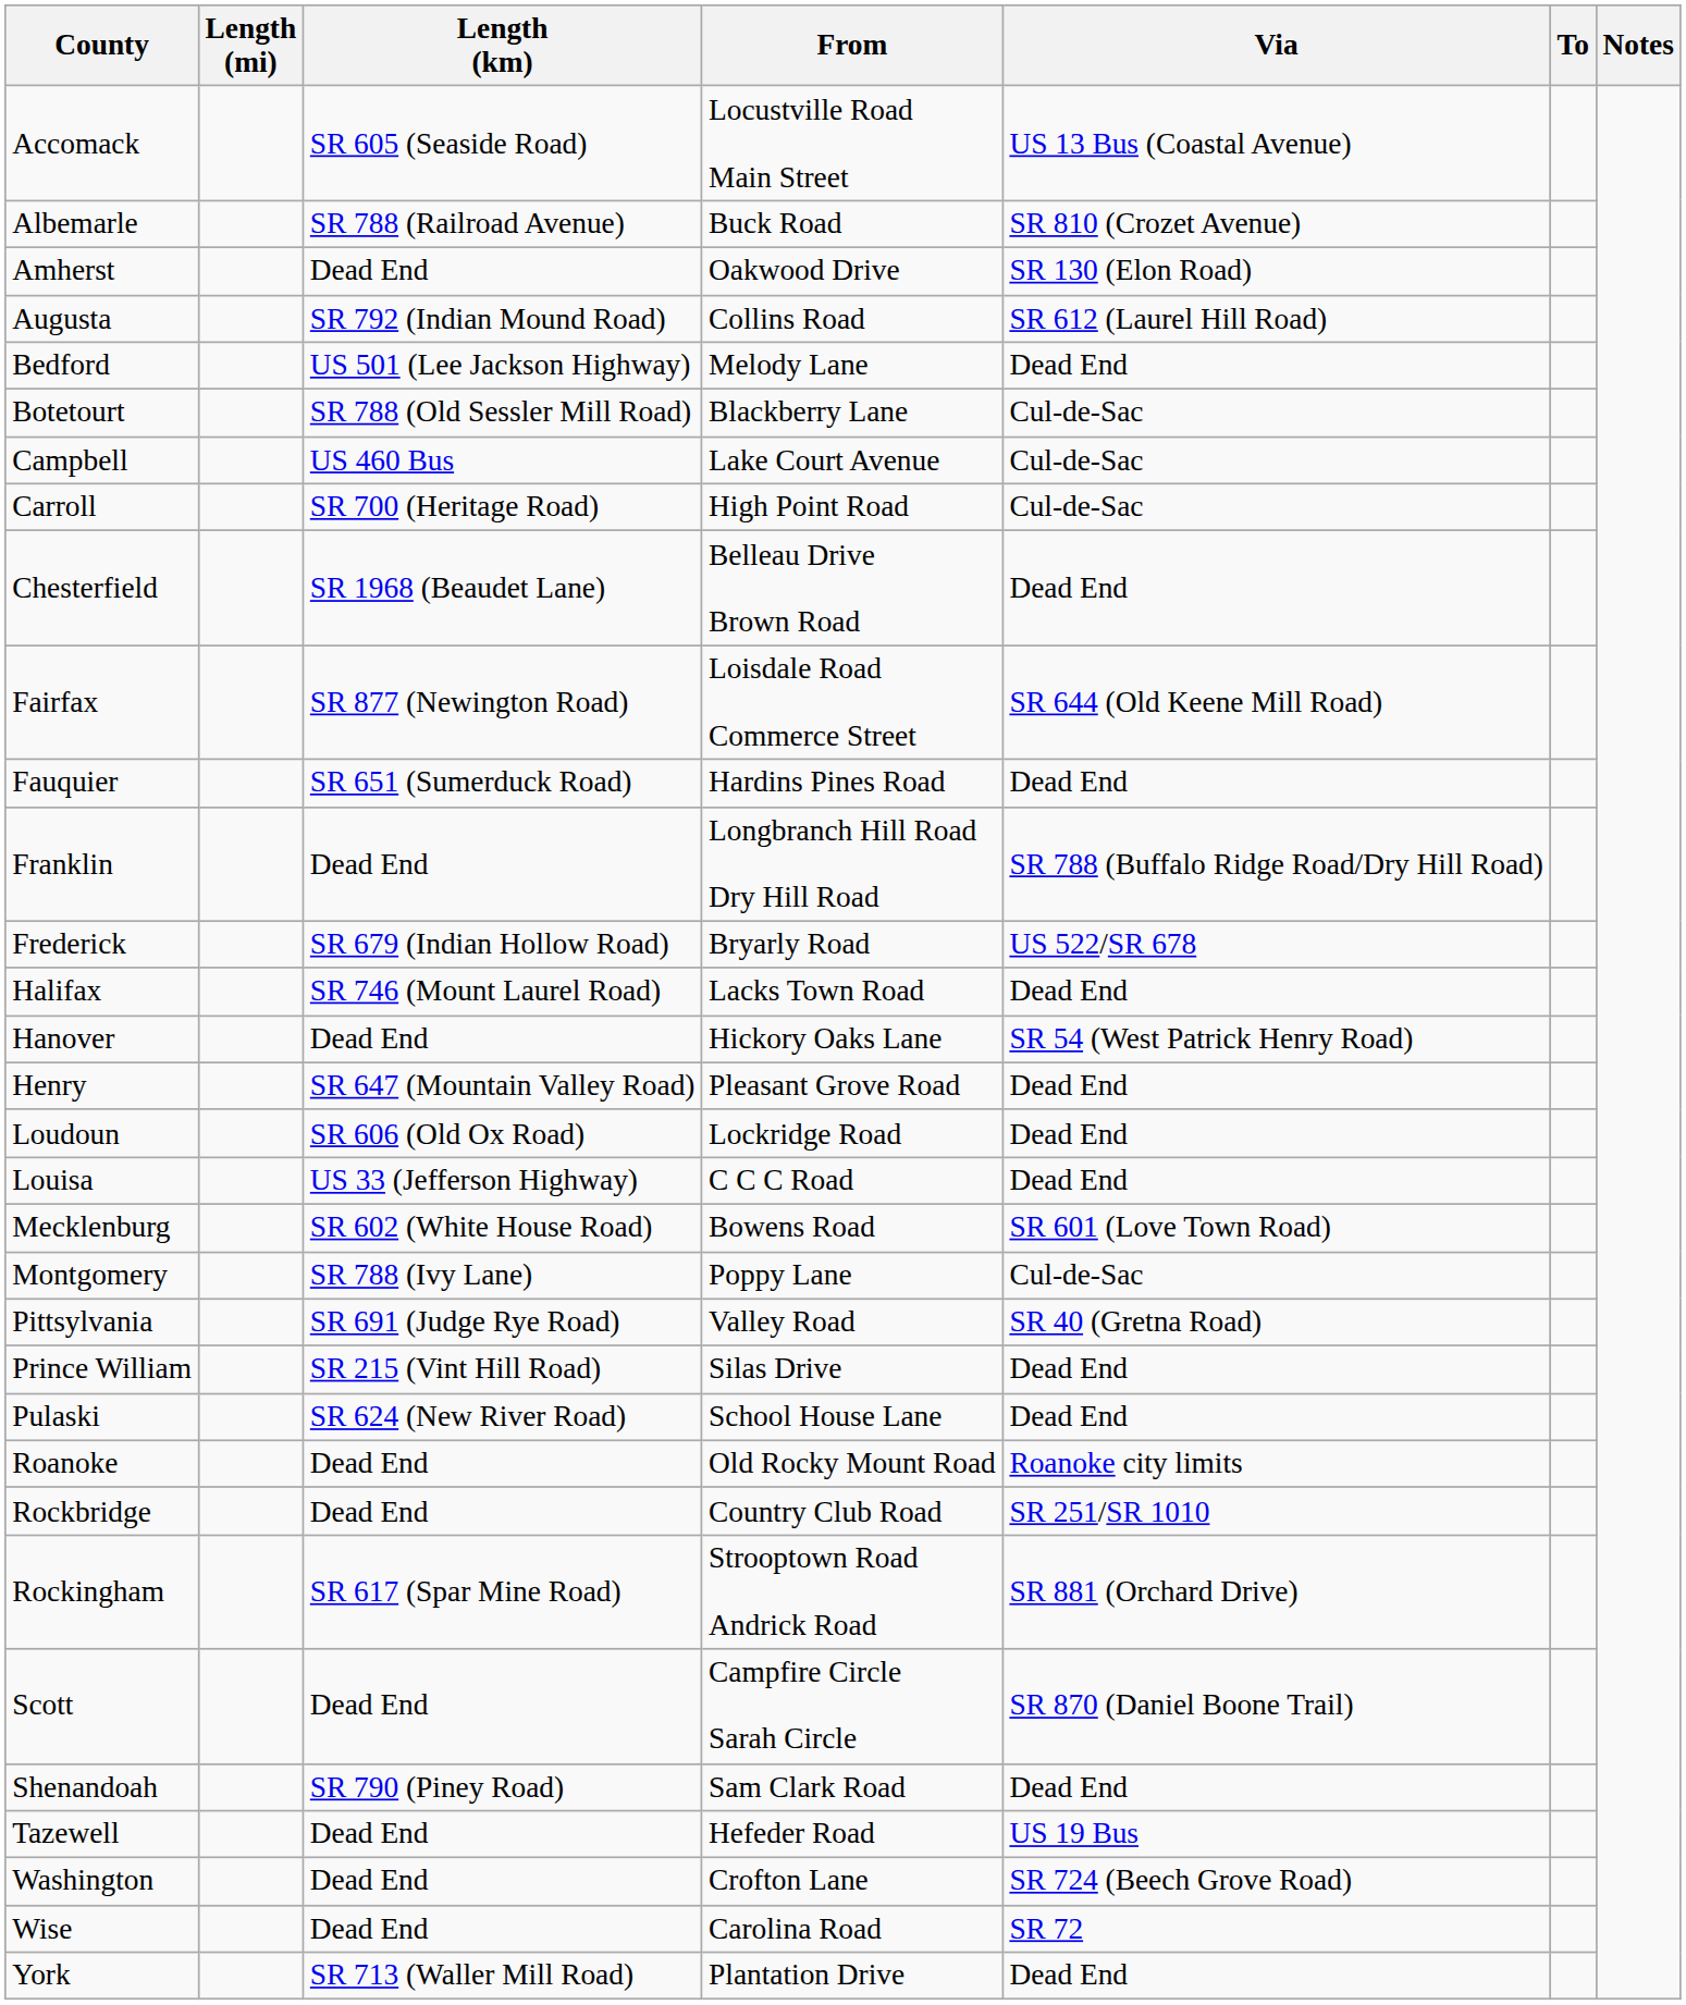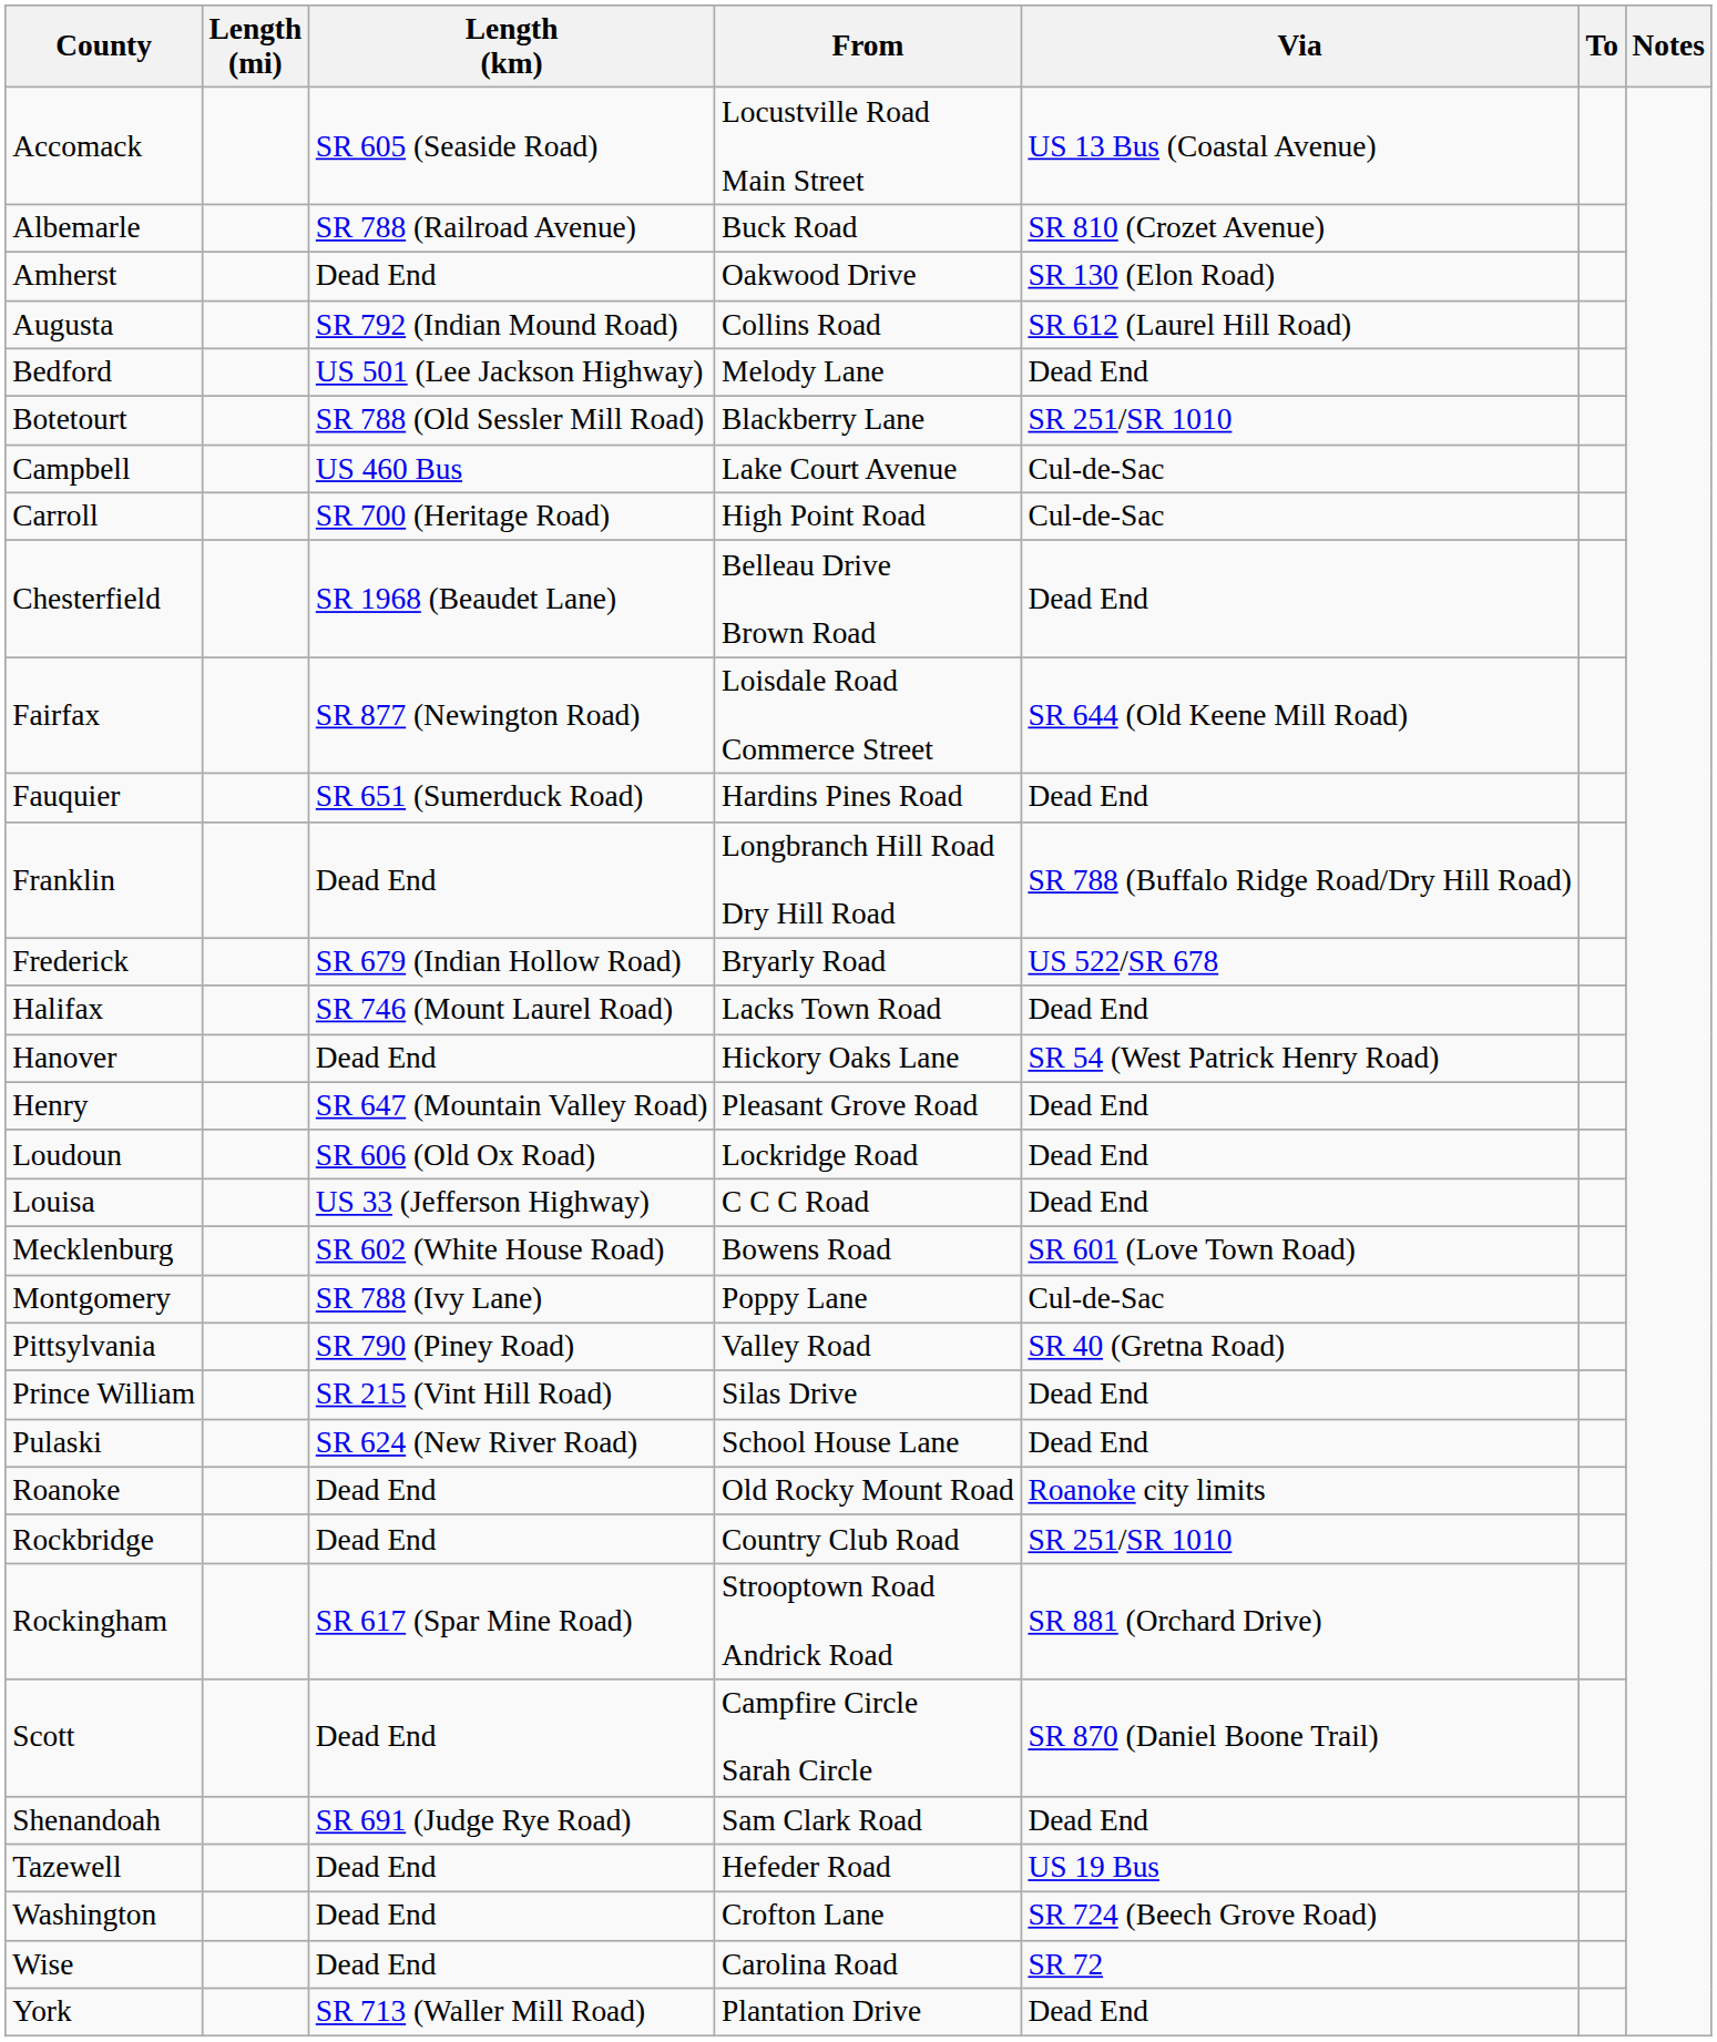 <table class="wikitable sortable">
 <tr>
 <th>County</th>
 <th>Length<br>(mi)</th>
 <th>Length<br>(km)</th>
 <th class="unsortable">From</th>
 <th class="unsortable">Via</th>
 <th class="unsortable">To</th>
 <th class="unsortable">Notes</th>
 </tr>
 <tr>
 <td id="Accomack">Accomack</td>
 <td></td>
 <td><a href='#'>SR 605</a> (Seaside Road)</td>
 <td>Locustville Road<br><br>Main Street</td>
 <td><a href='#'>US 13 Bus</a> (Coastal Avenue)</td>
 <td></td>
 </tr>
 <tr>
 <td id="Albemarle">Albemarle</td>
 <td></td>
 <td><a href='#'>SR 788</a> (Railroad Avenue)</td>
 <td>Buck Road</td>
 <td><a href='#'>SR 810</a> (Crozet Avenue)</td>
 <td><br> </td>
 </tr>
 <tr>
 <td id="Amherst">Amherst</td>
 <td></td>
 <td>Dead End</td>
 <td>Oakwood Drive</td>
 <td><a href='#'>SR 130</a> (Elon Road)</td>
 <td><br> </td>
 </tr>
 <tr>
 <td id="Augusta">Augusta</td>
 <td></td>
 <td><a href='#'>SR 792</a> (Indian Mound Road)</td>
 <td>Collins Road</td>
 <td><a href='#'>SR 612</a> (Laurel Hill Road)</td>
 <td><br></td>
 </tr>
 <tr>
 <td id="Bedford">Bedford</td>
 <td></td>
 <td><a href='#'>US 501</a> (Lee Jackson Highway)</td>
 <td>Melody Lane</td>
 <td>Dead End</td>
 <td><br></td>
 </tr>
 <tr>
 <td id="Botetourt">Botetourt</td>
 <td></td>
 <td><a href='#'>SR 788</a> (Old Sessler Mill Road)</td>
 <td>Blackberry Lane</td>
-<td>Cul-de-Sac</td>
+<td><a href='#'>SR 251</a>/<a href='#'>SR 1010</a></td>
 <td><br>  </td>
 </tr>
 <tr>
 <td id="Campbell">Campbell</td>
 <td></td>
 <td><a href='#'>US 460 Bus</a></td>
 <td>Lake Court Avenue</td>
 <td>Cul-de-Sac</td>
 <td><br></td>
 </tr>
 <tr>
 <td id="Carroll">Carroll</td>
 <td></td>
 <td><a href='#'>SR 700</a> (Heritage Road)</td>
 <td>High Point Road</td>
 <td>Cul-de-Sac</td>
 <td><br> </td>
 </tr>
 <tr>
 <td id="Chesterfield">Chesterfield</td>
 <td></td>
 <td><a href='#'>SR 1968</a> (Beaudet Lane)</td>
 <td>Belleau Drive<br><br>Brown Road</td>
 <td>Dead End</td>
 <td><br>      </td>
 </tr>
 <tr>
 <td id="Fairfax">Fairfax</td>
 <td></td>
 <td><a href='#'>SR 877</a> (Newington Road)</td>
 <td>Loisdale Road<br><br>Commerce Street</td>
 <td><a href='#'>SR 644</a> (Old Keene Mill Road)</td>
 <td></td>
 </tr>
 <tr>
 <td id="Fauquier">Fauquier</td>
 <td></td>
 <td><a href='#'>SR 651</a> (Sumerduck Road)</td>
 <td>Hardins Pines Road</td>
 <td>Dead End</td>
 <td><br> </td>
 </tr>
 <tr>
 <td id="Franklin">Franklin</td>
 <td></td>
 <td>Dead End</td>
 <td>Longbranch Hill Road<br><br>Dry Hill Road</td>
 <td><a href='#'>SR 788</a> (Buffalo Ridge Road/Dry Hill Road)</td>
 <td></td>
 </tr>
 <tr>
 <td id="Frederick">Frederick</td>
 <td></td>
 <td><a href='#'>SR 679</a> (Indian Hollow Road)</td>
 <td>Bryarly Road</td>
 <td><a href='#'>US 522</a>/<a href='#'>SR 678</a></td>
 <td><br>     </td>
 </tr>
 <tr>
 <td id="Halifax">Halifax</td>
 <td></td>
 <td><a href='#'>SR 746</a> (Mount Laurel Road)</td>
 <td>Lacks Town Road</td>
 <td>Dead End</td>
 <td></td>
 </tr>
 <tr>
 <td id="Hanover">Hanover</td>
 <td></td>
 <td>Dead End</td>
 <td>Hickory Oaks Lane</td>
 <td><a href='#'>SR 54</a> (West Patrick Henry Road)</td>
 <td><br></td>
 </tr>
 <tr>
 <td id="Henry">Henry</td>
 <td></td>
 <td><a href='#'>SR 647</a> (Mountain Valley Road)</td>
 <td>Pleasant Grove Road</td>
 <td>Dead End</td>
 <td><br>       </td>
 </tr>
 <tr>
 <td id="Loudoun">Loudoun</td>
 <td></td>
 <td><a href='#'>SR 606</a> (Old Ox Road)</td>
 <td>Lockridge Road</td>
 <td>Dead End</td>
 <td></td>
 </tr>
 <tr>
 <td id="Louisa">Louisa</td>
 <td></td>
 <td><a href='#'>US 33</a> (Jefferson Highway)</td>
 <td>C C C Road</td>
 <td>Dead End</td>
 <td><br>  </td>
 </tr>
 <tr>
 <td id="Mecklenburg">Mecklenburg</td>
 <td></td>
 <td><a href='#'>SR 602</a> (White House Road)</td>
 <td>Bowens Road</td>
 <td><a href='#'>SR 601</a> (Love Town Road)</td>
 <td><br></td>
 </tr>
 <tr>
 <td id="Montgomery">Montgomery</td>
 <td></td>
 <td><a href='#'>SR 788</a> (Ivy Lane)</td>
 <td>Poppy Lane</td>
 <td>Cul-de-Sac</td>
 <td><br>       </td>
 </tr>
 <tr>
 <td id="Pittsylvania">Pittsylvania</td>
 <td></td>
-<td><a href='#'>SR 691</a> (Judge Rye Road)</td>
+<td><a href='#'>SR 790</a> (Piney Road)</td>
 <td>Valley Road</td>
 <td><a href='#'>SR 40</a> (Gretna Road)</td>
 <td><br>  </td>
 </tr>
 <tr>
 <td id="Prince William">Prince William</td>
 <td></td>
 <td><a href='#'>SR 215</a> (Vint Hill Road)</td>
 <td>Silas Drive</td>
 <td>Dead End</td>
 <td></td>
 </tr>
 <tr>
 <td id="Pulaski">Pulaski</td>
 <td></td>
 <td><a href='#'>SR 624</a> (New River Road)</td>
 <td>School House Lane</td>
 <td>Dead End</td>
 <td><br> </td>
 </tr>
 <tr>
 <td id="Roanoke">Roanoke</td>
 <td></td>
 <td>Dead End</td>
 <td>Old Rocky Mount Road</td>
 <td><a href='#'>Roanoke</a> city limits</td>
 <td></td>
 </tr>
 <tr>
 <td id="Rockbridge">Rockbridge</td>
 <td></td>
 <td>Dead End</td>
 <td>Country Club Road</td>
 <td><a href='#'>SR 251</a>/<a href='#'>SR 1010</a></td>
 <td></td>
 </tr>
 <tr>
 <td id="Rockingham">Rockingham</td>
 <td></td>
 <td><a href='#'>SR 617</a> (Spar Mine Road)</td>
 <td>Strooptown Road<br><br>Andrick Road</td>
 <td><a href='#'>SR 881</a> (Orchard Drive)</td>
 <td><br></td>
 </tr>
 <tr>
 <td id="Scott">Scott</td>
 <td></td>
 <td>Dead End</td>
 <td>Campfire Circle<br><br>Sarah Circle</td>
 <td><a href='#'>SR 870</a> (Daniel Boone Trail)</td>
 <td></td>
 </tr>
 <tr>
 <td id="Shenandoah">Shenandoah</td>
 <td></td>
-<td><a href='#'>SR 790</a> (Piney Road)</td>
+<td><a href='#'>SR 691</a> (Judge Rye Road)</td>
 <td>Sam Clark Road</td>
 <td>Dead End</td>
 <td><br>     </td>
 </tr>
 <tr>
 <td id="Tazewell">Tazewell</td>
 <td></td>
 <td>Dead End</td>
 <td>Hefeder Road</td>
 <td><a href='#'>US 19 Bus</a></td>
 <td><br></td>
 </tr>
 <tr>
 <td id="Washington">Washington</td>
 <td></td>
 <td>Dead End</td>
 <td>Crofton Lane</td>
 <td><a href='#'>SR 724</a> (Beech Grove Road)</td>
 <td><br></td>
 </tr>
 <tr>
 <td id="Wise">Wise</td>
 <td></td>
 <td>Dead End</td>
 <td>Carolina Road</td>
 <td><a href='#'>SR 72</a></td>
 <td><br></td>
 </tr>
 <tr>
 <td id="York">York</td>
 <td></td>
 <td><a href='#'>SR 713</a> (Waller Mill Road)</td>
 <td>Plantation Drive</td>
 <td>Dead End</td>
 <td></td>
 </tr>
 </table>
